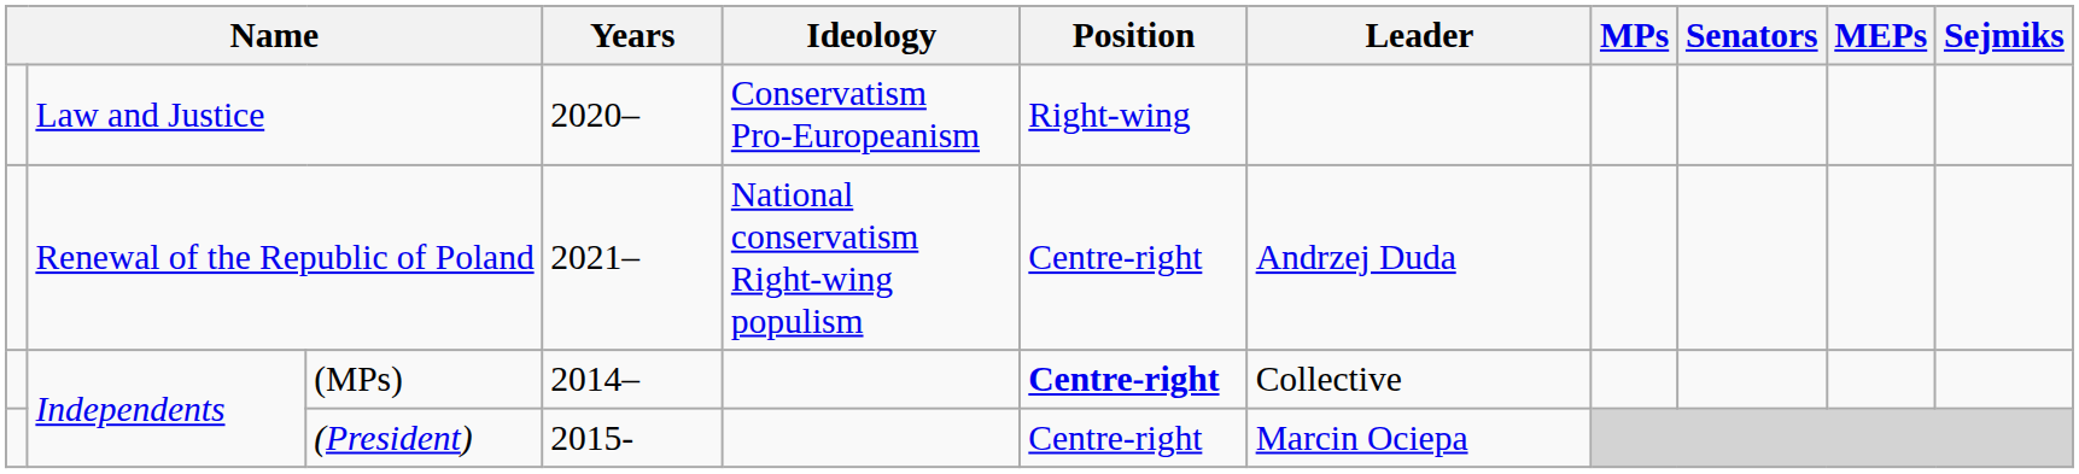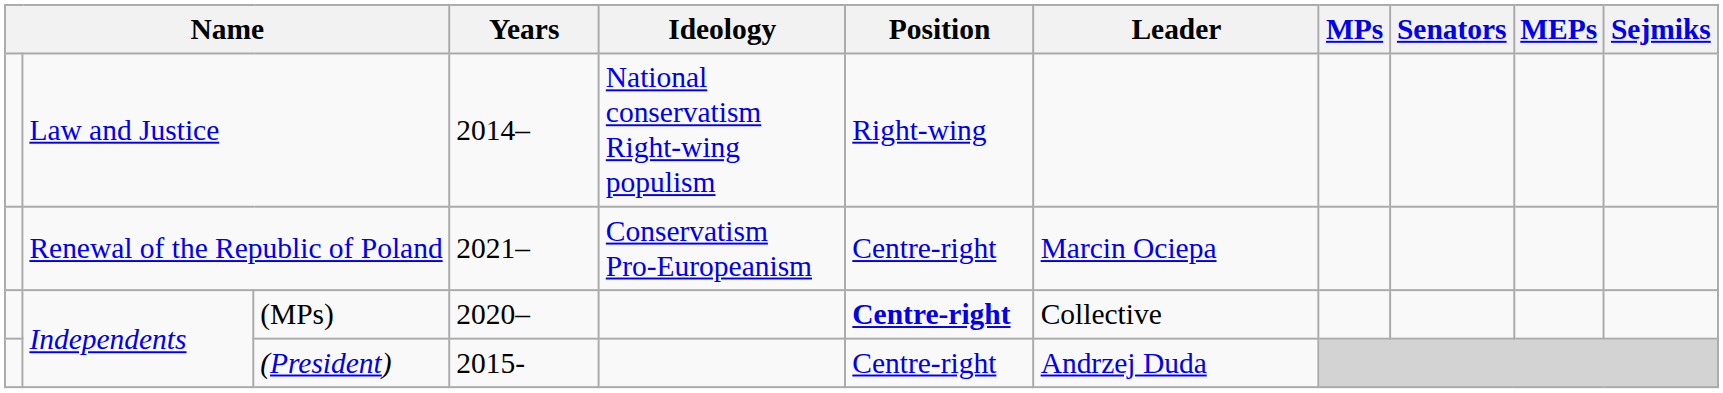 <table class="wikitable" style="font-size:95%">
 <tr>
 <th colspan="3" style="width:200px">Name</th>
 <th style="width:70px">Years</th>
 <th style="width:120px">Ideology</th>
 <th style="width:90px">Position</th>
 <th style="width:140px">Leader</th>
 <th><a href='#'>MPs</a></th>
 <th><a href='#'>Senators</a></th>
 <th><a href='#'>MEPs</a></th>
 <th><a href='#'>Sejmiks</a></th>
 </tr>
 <tr>
 <td style="width:2px;background:"></td>
 <td colspan = 2><a href='#'>Law and Justice</a></td>
-<td>2020–</td>
-<td><a href='#'>Conservatism</a><br><a href='#'>Pro-Europeanism</a></td>
+<td>2014–</td>
+<td><a href='#'>National conservatism</a><br><a href='#'>Right-wing populism</a></td>
 <td><a href='#'>Right-wing</a></td>
 <td></td>
 <td></td>
 <td></td>
 <td></td>
 <td></td>
 </tr>
 <tr>
 <td style="width:2px;background:"></td>
 <td colspan="2"><a href='#'>Renewal of the Republic of Poland</a></td>
 <td>2021–</td>
-<td><a href='#'>National conservatism</a><br><a href='#'>Right-wing populism</a></td>
+<td><a href='#'>Conservatism</a><br><a href='#'>Pro-Europeanism</a></td>
 <td><a href='#'>Centre-right</a></td>
-<td><a href='#'>Andrzej Duda</a></td>
+<td><a href='#'>Marcin Ociepa</a></td>
 <td></td>
 <td></td>
 <td></td>
 <td></td>
 </tr>
 <tr>
 <td style="width:2px;background:"></td>
 <td rowspan="2"><em><a href='#'>Independents</a></em></td>
 <td>(MPs)</td>
-<td>2014–</td>
+<td>2020–</td>
 <td></td>
 <td><strong><a href='#'>Centre-right</a></strong></td>
 <td>Collective</td>
 <td></td>
 <td></td>
 <td></td>
 <td></td>
 </tr>
 <tr>
 <td style="width:2px;background:"></td>
 <td><em>(<a href='#'>President</a>)</em></td>
 <td>2015-</td>
 <td></td>
 <td><a href='#'>Centre-right</a></td>
-<td><a href='#'>Marcin Ociepa</a></td>
+<td><a href='#'>Andrzej Duda</a></td>
 <td colspan="4" style="background:lightgrey;"></td>
 </tr>
 </table>
